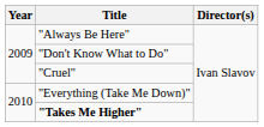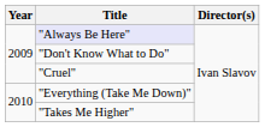 <table class="wikitable">
 <tr>
 <th>Year</th>
 <th>Title</th>
 <th>Director(s)</th>
 </tr>
 <tr>
 <td rowspan="3">2009</td>
-<td>"Always Be Here"</td>
+<td style="background: lavender;">"Always Be Here"</td>
 <td rowspan=5>Ivan Slavov</td>
 </tr>
 <tr>
 <td>"Don't Know What to Do"</td>
 </tr>
 <tr>
 <td>"Cruel"</td>
 </tr>
 <tr>
 <td rowspan=2>2010</td>
 <td>"Everything (Take Me Down)"</td>
 </tr>
 <tr>
-<td><strong>"Takes Me Higher"</strong></td>
+<td>"Takes Me Higher"</td>
 </tr>
 </table>
